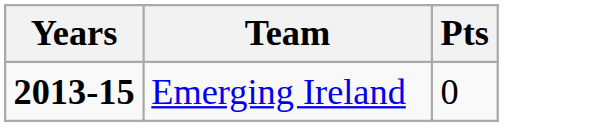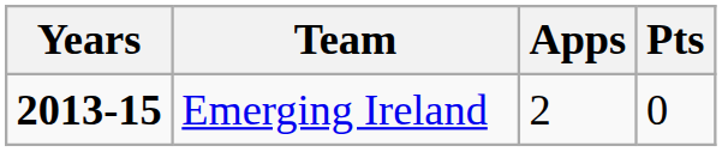 <table class="wikitable" style="text-align:left;">
 <tr>
 <th>Years</th>
 <th width=120px>Team</th>
+<th>Apps</th>
 <th>Pts</th>
 </tr>
 <tr>
 <td><strong>2013-15</strong></td>
 <td><a href='#'>Emerging Ireland</a></td>
+<td>2</td>
 <td>0</td>
 </tr>
 </table>
